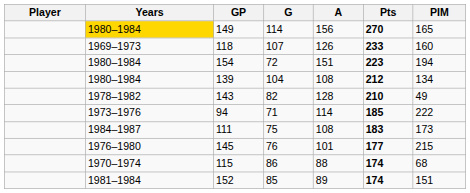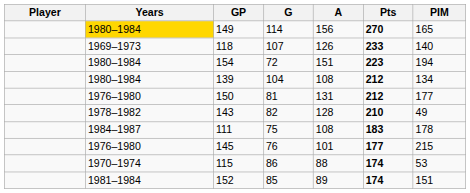 <table class="wikitable sortable" width ="700" cellpadding="1" border="1" cellspacing="0">
 <tr>
 <th>Player</th>
 <th>Years</th>
 <th>GP</th>
 <th>G</th>
 <th>A</th>
 <th>Pts</th>
 <th>PIM</th>
 </tr>
 <tr>
 <td></td>
 <td style="background: gold;">1980–1984</td>
 <td>149</td>
 <td>114</td>
 <td>156</td>
 <td><strong>270</strong></td>
 <td>165</td>
 </tr>
 <tr>
 <td></td>
 <td>1969–1973</td>
 <td>118</td>
 <td>107</td>
 <td>126</td>
 <td><strong>233</strong></td>
-<td>160</td>
+<td>140</td>
 </tr>
 <tr>
 <td></td>
 <td>1980–1984</td>
 <td>154</td>
 <td>72</td>
 <td>151</td>
 <td><strong>223</strong></td>
 <td>194</td>
 </tr>
 <tr>
 <td></td>
 <td>1980–1984</td>
 <td>139</td>
 <td>104</td>
 <td>108</td>
 <td><strong>212</strong></td>
 <td>134</td>
 </tr>
 <tr>
 <td></td>
+<td>1976–1980</td>
+<td>150</td>
+<td>81</td>
+<td>131</td>
+<td><strong>212</strong></td>
+<td>177</td>
+</tr>
+<tr>
+<td></td>
 <td>1978–1982</td>
 <td>143</td>
 <td>82</td>
 <td>128</td>
 <td><strong>210</strong></td>
 <td>49</td>
 </tr>
 <tr>
 <td></td>
-<td>1973–1976</td>
-<td>94</td>
-<td>71</td>
-<td>114</td>
-<td><strong>185</strong></td>
-<td>222</td>
-</tr>
-<tr>
-<td></td>
 <td>1984–1987</td>
 <td>111</td>
 <td>75</td>
 <td>108</td>
 <td><strong>183</strong></td>
-<td>173</td>
+<td>178</td>
 </tr>
 <tr>
 <td></td>
 <td>1976–1980</td>
 <td>145</td>
 <td>76</td>
 <td>101</td>
 <td><strong>177</strong></td>
 <td>215</td>
 </tr>
 <tr>
 <td></td>
 <td>1970–1974</td>
 <td>115</td>
 <td>86</td>
 <td>88</td>
 <td><strong>174</strong></td>
-<td>68</td>
+<td>53</td>
 </tr>
 <tr>
 <td></td>
 <td>1981–1984</td>
 <td>152</td>
 <td>85</td>
 <td>89</td>
 <td><strong>174</strong></td>
 <td>151</td>
 </tr>
 </table>
